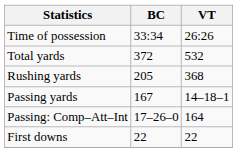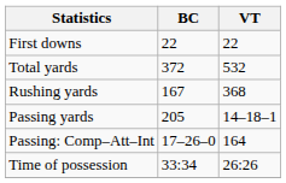 <table class="wikitable" style="float: left;">
 <tr>
 <th>Statistics</th>
 <th>BC</th>
 <th>VT</th>
 </tr>
 <tr>
-<td>Time of possession</td>
-<td>33:34</td>
-<td>26:26</td>
+<td>First downs</td>
+<td>22</td>
+<td>22</td>
 </tr>
 <tr>
 <td>Total yards</td>
 <td>372</td>
 <td>532</td>
 </tr>
 <tr>
 <td>Rushing yards</td>
-<td>205</td>
+<td>167</td>
 <td>368</td>
 </tr>
 <tr>
 <td>Passing yards</td>
-<td>167</td>
+<td>205</td>
 <td>14–18–1</td>
 </tr>
 <tr>
 <td>Passing: Comp–Att–Int</td>
 <td>17–26–0</td>
 <td>164</td>
 </tr>
 <tr>
-<td>First downs</td>
-<td>22</td>
-<td>22</td>
+<td>Time of possession</td>
+<td>33:34</td>
+<td>26:26</td>
 </tr>
 <tr>
 </tr>
 </table>
